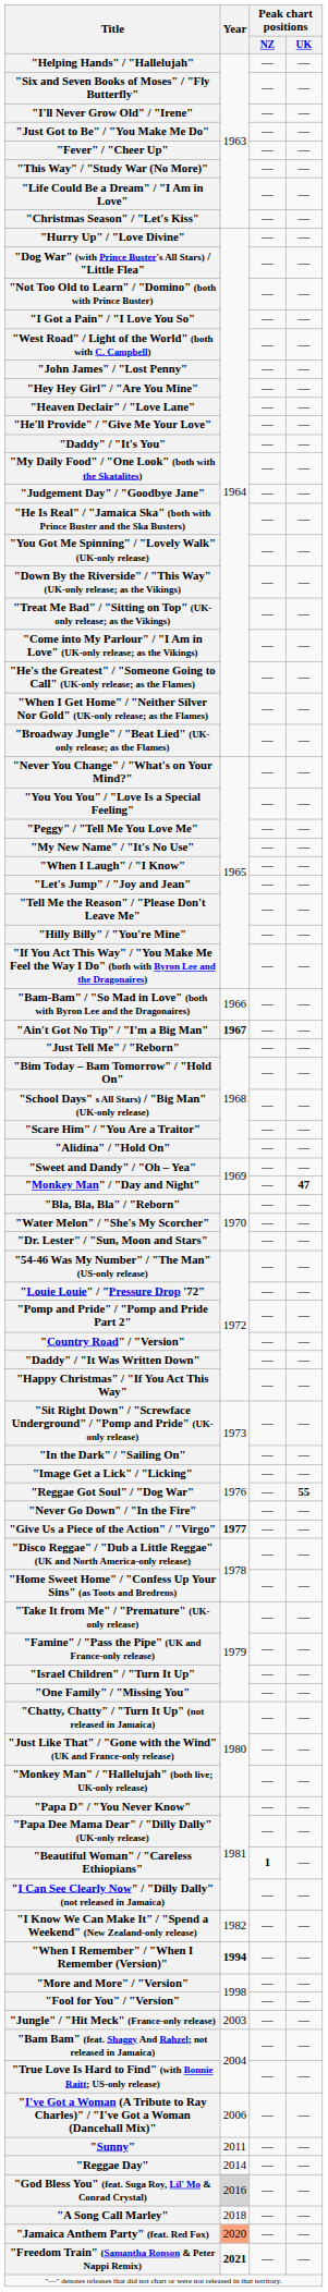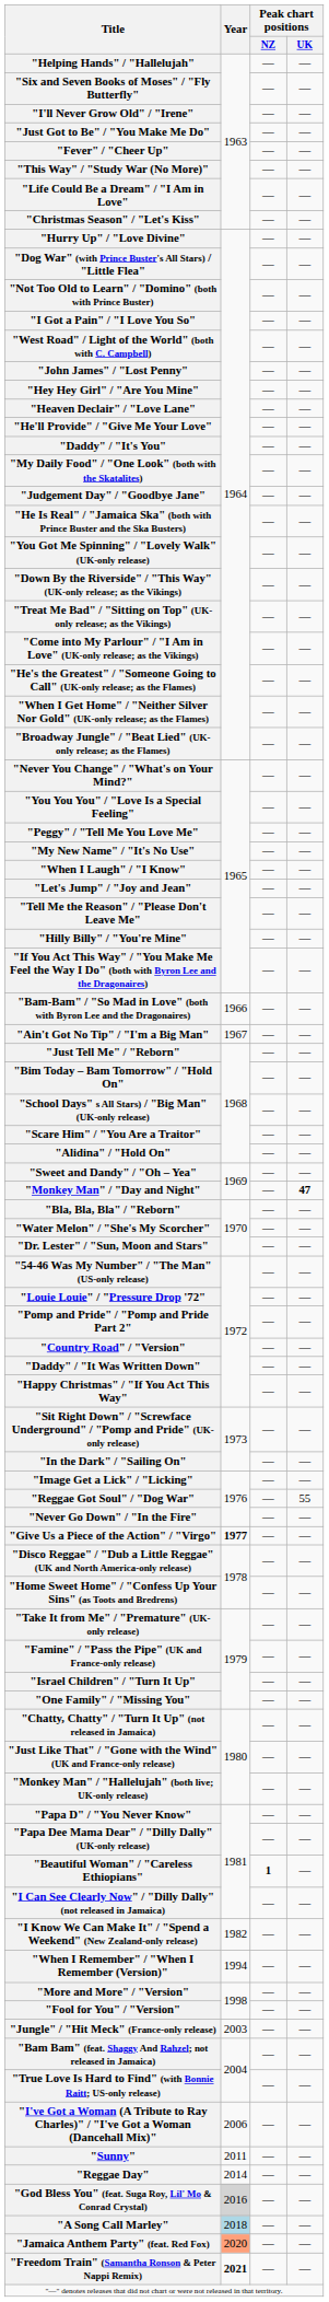 <table class="wikitable plainrowheaders" style="text-align:center;">
 <tr>
 <th rowspan="2" scope="col" style="width:18em;">Title</th>
 <th rowspan="2" scope="col" style="width:2em;">Year</th>
 <th colspan="2">Peak chart<br>positions</th>
 </tr>
 <tr>
 <th scope="col" style="width:3em;font-size:90%;"><a href='#'>NZ</a><br></th>
 <th scope="col" style="width:3em;font-size:90%;"><a href='#'>UK</a><br></th>
 </tr>
 <tr>
 <th scope="row">"Helping Hands" / "Hallelujah"</th>
 <td rowspan="8">1963</td>
 <td>—</td>
 <td align="center">—</td>
 </tr>
 <tr>
 <th scope="row">"Six and Seven Books of Moses" / "Fly Butterfly"</th>
 <td>—</td>
 <td align="center">—</td>
 </tr>
 <tr>
 <th scope="row">"I'll Never Grow Old" / "Irene"</th>
 <td>—</td>
 <td align="center">—</td>
 </tr>
 <tr>
 <th scope="row">"Just Got to Be" / "You Make Me Do"</th>
 <td>—</td>
 <td align="center">—</td>
 </tr>
 <tr>
 <th scope="row">"Fever" / "Cheer Up"</th>
 <td>—</td>
 <td align="center">—</td>
 </tr>
 <tr>
 <th scope="row">"This Way" / "Study War (No More)"</th>
 <td>—</td>
 <td align="center">—</td>
 </tr>
 <tr>
 <th scope="row">"Life Could Be a Dream" / "I Am in Love"</th>
 <td>—</td>
 <td align="center">—</td>
 </tr>
 <tr>
 <th scope="row">"Christmas Season" / "Let's Kiss"</th>
 <td>—</td>
 <td align="center">—</td>
 </tr>
 <tr>
 <th scope="row">"Hurry Up" / "Love Divine"</th>
 <td rowspan="20">1964</td>
 <td>—</td>
 <td align="center">—</td>
 </tr>
 <tr>
 <th scope="row">"Dog War" <small>(with <a href='#'>Prince Buster</a>'s All Stars)</small> / "Little Flea"</th>
 <td>—</td>
 <td align="center">—</td>
 </tr>
 <tr>
 <th scope="row">"Not Too Old to Learn" / "Domino" <small>(both with Prince Buster)</small></th>
 <td>—</td>
 <td align="center">—</td>
 </tr>
 <tr>
 <th scope="row">"I Got a Pain" / "I Love You So"</th>
 <td>—</td>
 <td align="center">—</td>
 </tr>
 <tr>
 <th scope="row">"West Road" / Light of the World" <small>(both with <a href='#'>C. Campbell</a>)</small></th>
 <td>—</td>
 <td align="center">—</td>
 </tr>
 <tr>
 <th scope="row">"John James" / "Lost Penny"</th>
 <td>—</td>
 <td align="center">—</td>
 </tr>
 <tr>
 <th scope="row">"Hey Hey Girl" / "Are You Mine"</th>
 <td>—</td>
 <td>—</td>
 </tr>
 <tr>
 <th scope="row">"Heaven Declair" / "Love Lane"</th>
 <td>—</td>
 <td>—</td>
 </tr>
 <tr>
 <th scope="row">"He'll Provide" / "Give Me Your Love"</th>
 <td>—</td>
 <td align="center">—</td>
 </tr>
 <tr>
 <th scope="row">"Daddy" / "It's You"</th>
 <td>—</td>
 <td>—</td>
 </tr>
 <tr>
 <th scope="row">"My Daily Food" / "One Look" <small>(both with <a href='#'>the Skatalites</a>)</small></th>
 <td>—</td>
 <td>—</td>
 </tr>
 <tr>
 <th scope="row">"Judgement Day" / "Goodbye Jane"</th>
 <td>—</td>
 <td>—</td>
 </tr>
 <tr>
 <th scope="row">"He Is Real" / "Jamaica Ska" <small>(both with Prince Buster and the Ska Busters)</small></th>
 <td>—</td>
 <td>—</td>
 </tr>
 <tr>
 <th scope="row">"You Got Me Spinning" / "Lovely Walk" <small>(UK-only release)</small></th>
 <td>—</td>
 <td>—</td>
 </tr>
 <tr>
 <th scope="row">"Down By the Riverside" / "This Way" <small>(UK-only release; as the Vikings)</small></th>
 <td>—</td>
 <td>—</td>
 </tr>
 <tr>
 <th scope="row">"Treat Me Bad" / "Sitting on Top" <small>(UK-only release; as the Vikings)</small></th>
 <td>—</td>
 <td>—</td>
 </tr>
 <tr>
 <th scope="row">"Come into My Parlour" / "I Am in Love" <small>(UK-only release; as the Vikings)</small></th>
 <td>—</td>
 <td>—</td>
 </tr>
 <tr>
 <th scope="row">"He's the Greatest" / "Someone Going to Call" <small>(UK-only release; as the Flames)</small></th>
 <td>—</td>
 <td align="center">—</td>
 </tr>
 <tr>
 <th scope="row">"When I Get Home" / "Neither Silver Nor Gold" <small>(UK-only release; as the Flames)</small></th>
 <td>—</td>
 <td align="center">—</td>
 </tr>
 <tr>
 <th scope="row">"Broadway Jungle" / "Beat Lied" <small>(UK-only release; as the Flames)</small></th>
 <td>—</td>
 <td align="center">—</td>
 </tr>
 <tr>
 <th scope="row">"Never You Change" / "What's on Your Mind?"</th>
 <td rowspan="9">1965</td>
 <td>—</td>
 <td align="center">—</td>
 </tr>
 <tr>
 <th scope="row">"You You You" / "Love Is a Special Feeling"</th>
 <td>—</td>
 <td align="center">—</td>
 </tr>
 <tr>
 <th scope="row">"Peggy" / "Tell Me You Love Me"</th>
 <td>—</td>
 <td align="center">—</td>
 </tr>
 <tr>
 <th scope="row">"My New Name" / "It's No Use"</th>
 <td>—</td>
 <td align="center">—</td>
 </tr>
 <tr>
 <th scope="row">"When I Laugh" / "I Know"</th>
 <td>—</td>
 <td align="center">—</td>
 </tr>
 <tr>
 <th scope="row">"Let's Jump" / "Joy and Jean"</th>
 <td>—</td>
 <td align="center">—</td>
 </tr>
 <tr>
 <th scope="row">"Tell Me the Reason" / "Please Don't Leave Me"</th>
 <td>—</td>
 <td align="center">—</td>
 </tr>
 <tr>
 <th scope="row">"Hilly Billy" / "You're Mine"</th>
 <td>—</td>
 <td align="center">—</td>
 </tr>
 <tr>
 <th scope="row">"If You Act This Way" / "You Make Me Feel the Way I Do" <small>(both with <a href='#'>Byron Lee and the Dragonaires</a>)</small></th>
 <td>—</td>
 <td align="center">—</td>
 </tr>
 <tr>
 <th scope="row">"Bam-Bam" / "So Mad in Love" <small>(both with Byron Lee and the Dragonaires)</small></th>
 <td>1966</td>
 <td>—</td>
 <td align="center">—</td>
 </tr>
 <tr>
 <th scope="row">"Ain't Got No Tip" / "I'm a Big Man"</th>
-<td><strong>1967</strong></td>
+<td>1967</td>
 <td>—</td>
 <td align="center">—</td>
 </tr>
 <tr>
 <th scope="row">"Just Tell Me" / "Reborn"</th>
 <td rowspan="5">1968</td>
 <td>—</td>
 <td>—</td>
 </tr>
 <tr>
 <th scope="row">"Bim Today – Bam Tomorrow" / "Hold On"</th>
 <td>—</td>
 <td>—</td>
 </tr>
 <tr>
 <th scope="row">"School Days" <small>s All Stars)</small> / "Big Man" <small>(UK-only release)</small></th>
 <td>—</td>
 <td align="center">—</td>
 </tr>
 <tr>
 <th scope="row">"Scare Him" / "You Are a Traitor"</th>
 <td>—</td>
 <td>—</td>
 </tr>
 <tr>
 <th scope="row">"Alidina" / "Hold On"</th>
 <td>—</td>
 <td>—</td>
 </tr>
 <tr>
 <th scope="row">"Sweet and Dandy" / "Oh – Yea"</th>
 <td rowspan="2">1969</td>
 <td>—</td>
 <td>—</td>
 </tr>
 <tr>
 <th scope="row">"<a href='#'>Monkey Man</a>" / "Day and Night"</th>
 <td>—</td>
 <td><strong>47</strong></td>
 </tr>
 <tr>
 <th scope="row">"Bla, Bla, Bla" / "Reborn"</th>
 <td rowspan="3">1970</td>
 <td>—</td>
 <td>—</td>
 </tr>
 <tr>
 <th scope="row">"Water Melon" / "She's My Scorcher"</th>
 <td>—</td>
 <td>—</td>
 </tr>
 <tr>
 <th scope="row">"Dr. Lester" / "Sun, Moon and Stars"</th>
 <td>—</td>
 <td>—</td>
 </tr>
 <tr>
 <th scope="row">"54-46 Was My Number" / "The Man" <small>(US-only release)</small></th>
 <td rowspan="6">1972</td>
 <td>—</td>
 <td align="center">—</td>
 </tr>
 <tr>
 <th scope="row">"<a href='#'>Louie Louie</a>" / "<a href='#'>Pressure Drop</a> '72"</th>
 <td>—</td>
 <td>—</td>
 </tr>
 <tr>
 <th scope="row">"Pomp and Pride" / "Pomp and Pride Part 2"</th>
 <td>—</td>
 <td align="center">—</td>
 </tr>
 <tr>
 <th scope="row">"<a href='#'>Country Road</a>" / "Version"</th>
 <td>—</td>
 <td align="center">—</td>
 </tr>
 <tr>
 <th scope="row">"Daddy" / "It Was Written Down"</th>
 <td>—</td>
 <td align="center">—</td>
 </tr>
 <tr>
 <th scope="row">"Happy Christmas" / "If You Act This Way"</th>
 <td>—</td>
 <td align="center">—</td>
 </tr>
 <tr>
 <th scope="row">"Sit Right Down" / "Screwface Underground" / "Pomp and Pride" <small>(UK-only release)</small></th>
 <td rowspan="2">1973</td>
 <td>—</td>
 <td align="center">—</td>
 </tr>
 <tr>
 <th scope="row">"In the Dark" / "Sailing On"</th>
 <td>—</td>
 <td align="center">—</td>
 </tr>
 <tr>
 <th scope="row">"Image Get a Lick" / "Licking"</th>
 <td rowspan="3">1976</td>
 <td>—</td>
 <td align="center">—</td>
 </tr>
 <tr>
 <th scope="row">"Reggae Got Soul" / "Dog War"</th>
 <td>—</td>
-<td align="center"><strong>55</strong></td>
+<td align="center">55</td>
 </tr>
 <tr>
 <th scope="row">"Never Go Down" / "In the Fire"</th>
 <td>—</td>
 <td align="center">—</td>
 </tr>
 <tr>
 <th scope="row">"Give Us a Piece of the Action" / "Virgo"</th>
 <td><strong>1977</strong></td>
 <td>—</td>
 <td align="center">—</td>
 </tr>
 <tr>
 <th scope="row">"Disco Reggae" / "Dub a Little Reggae" <small>(UK and North America-only release)</small></th>
 <td rowspan="2">1978</td>
 <td>—</td>
 <td align="center">—</td>
 </tr>
 <tr>
 <th scope="row">"Home Sweet Home" / "Confess Up Your Sins" <small>(as Toots and Bredrens)</small></th>
 <td>—</td>
 <td>—</td>
 </tr>
 <tr>
 <th scope="row">"Take It from Me" / "Premature" <small>(UK-only release)</small></th>
 <td rowspan="4">1979</td>
 <td>—</td>
 <td align="center">—</td>
 </tr>
 <tr>
 <th scope="row">"Famine" / "Pass the Pipe" <small>(UK and France-only release)</small></th>
 <td>—</td>
 <td align="center">—</td>
 </tr>
 <tr>
 <th scope="row">"Israel Children" / "Turn It Up"</th>
 <td>—</td>
 <td>—</td>
 </tr>
 <tr>
 <th scope="row">"One Family" / "Missing You"</th>
 <td>—</td>
 <td>—</td>
 </tr>
 <tr>
 <th scope="row">"Chatty, Chatty" / "Turn It Up" <small>(not released in Jamaica)</small></th>
 <td rowspan="3">1980</td>
 <td>—</td>
 <td>—</td>
 </tr>
 <tr>
 <th scope="row">"Just Like That" / "Gone with the Wind" <small>(UK and France-only release)</small></th>
 <td>—</td>
 <td align="center">—</td>
 </tr>
 <tr>
 <th scope="row">"Monkey Man" / "Hallelujah" <small>(both live; UK-only release)</small></th>
 <td>—</td>
 <td>—</td>
 </tr>
 <tr>
 <th scope="row">"Papa D" / "You Never Know"</th>
 <td rowspan="4">1981</td>
 <td>—</td>
 <td>—</td>
 </tr>
 <tr>
 <th scope="row">"Papa Dee Mama Dear" / "Dilly Dally" <small>(UK-only release)</small></th>
 <td>—</td>
 <td>—</td>
 </tr>
 <tr>
 <th scope="row">"Beautiful Woman" / "Careless Ethiopians" </th>
 <td><strong>1</strong></td>
 <td>—</td>
 </tr>
 <tr>
 <th scope="row">"<a href='#'>I Can See Clearly Now</a>" / "Dilly Dally" <small>(not released in Jamaica)</small></th>
 <td>—</td>
 <td>—</td>
 </tr>
 <tr>
 <th scope="row">"I Know We Can Make It" / "Spend a Weekend" <small>(New Zealand-only release)</small></th>
 <td>1982</td>
 <td>—</td>
 <td>—</td>
 </tr>
 <tr>
 <th scope="row">"When I Remember" / "When I Remember (Version)"</th>
-<td><strong>1994</strong></td>
+<td>1994</td>
 <td>—</td>
 <td align="center">—</td>
 </tr>
 <tr>
 <th scope="row">"More and More" / "Version"</th>
 <td rowspan="2">1998</td>
 <td>—</td>
 <td align="center">—</td>
 </tr>
 <tr>
 <th scope="row">"Fool for You" / "Version"</th>
 <td>—</td>
 <td align="center">—</td>
 </tr>
 <tr>
 <th scope="row">"Jungle" / "Hit Meck" <small>(France-only release)</small></th>
 <td>2003</td>
 <td>—</td>
 <td align="center">—</td>
 </tr>
 <tr>
 <th scope="row">"Bam Bam" <small>(feat. <a href='#'>Shaggy</a> And <a href='#'>Rahzel</a>; not released in Jamaica)</small></th>
 <td rowspan="2">2004</td>
 <td>—</td>
 <td align="center">—</td>
 </tr>
 <tr>
 <th scope="row">"True Love Is Hard to Find" <small>(with <a href='#'>Bonnie Raitt</a>; US-only release)</small></th>
 <td>—</td>
 <td>—</td>
 </tr>
 <tr>
 <th scope="row">"<a href='#'>I've Got a Woman</a> (A Tribute to Ray Charles)" / "I've Got a Woman (Dancehall Mix)"</th>
 <td>2006</td>
 <td>—</td>
 <td>—</td>
 </tr>
 <tr>
 <th scope="row">"<a href='#'>Sunny</a>"</th>
 <td>2011</td>
 <td>—</td>
 <td align="center">—</td>
 </tr>
 <tr>
 <th scope="row">"Reggae Day"</th>
 <td>2014</td>
 <td>—</td>
 <td>—</td>
 </tr>
 <tr>
 <th scope="row">"God Bless You" <small>(feat. Suga Roy, <a href='#'>Lil' Mo</a> & Conrad Crystal)</small></th>
 <td style="background: lightgrey;">2016</td>
 <td>—</td>
 <td>—</td>
 </tr>
 <tr>
 <th scope="row">"A Song Call Marley"</th>
-<td>2018</td>
+<td style="background: lightblue;">2018</td>
 <td>—</td>
 <td>—</td>
 </tr>
 <tr>
 <th scope="row">"Jamaica Anthem Party" <small>(feat. Red Fox)</small></th>
 <td style="background: lightsalmon;">2020</td>
 <td>—</td>
 <td>—</td>
 </tr>
 <tr>
 <th scope="row">"Freedom Train" <small>(<a href='#'>Samantha Ronson</a> & Peter Nappi Remix)</small></th>
 <td><strong>2021</strong></td>
 <td>—</td>
 <td>—</td>
 </tr>
 <tr>
 <td colspan="4" style="font-size:8pt">"—" denotes releases that did not chart or were not released in that territory.</td>
 </tr>
 </table>
